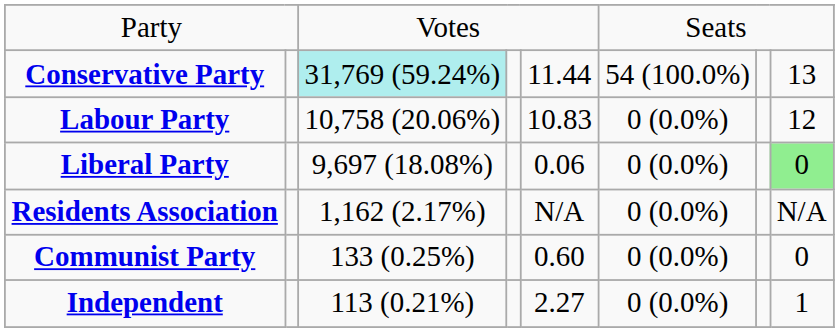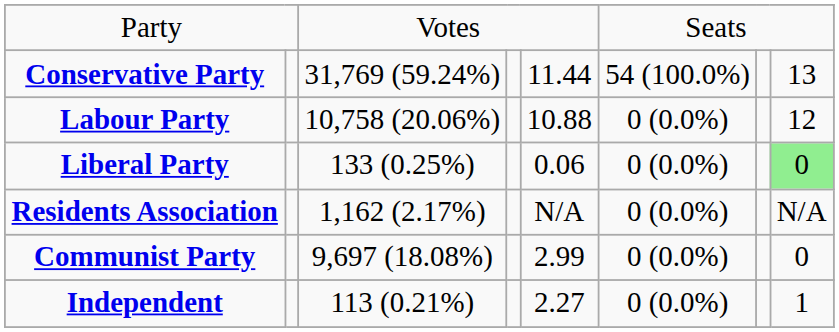 <table class=wikitable style="text-align:center;">
 <tr>
 <td colspan=2>Party</td>
 <td colspan=3>Votes</td>
 <td colspan=3>Seats</td>
 </tr>
 <tr>
 <td><strong><a href='#'>Conservative Party</a></strong></td>
 <td style="background:"></td>
-<td style="background: paleturquoise;">31,769 (59.24%)</td>
+<td>31,769 (59.24%)</td>
 <td></td>
 <td> 11.44</td>
 <td>54 (100.0%)</td>
 <td></td>
 <td> 13</td>
 </tr>
 <tr>
 <td><strong><a href='#'>Labour Party</a></strong></td>
 <td style="background:"></td>
 <td>10,758 (20.06%)</td>
 <td></td>
-<td> 10.83</td>
+<td> 10.88</td>
 <td>0 (0.0%)</td>
 <td></td>
 <td> 12</td>
 </tr>
 <tr>
 <td><strong><a href='#'>Liberal Party</a></strong></td>
 <td style="background:"></td>
-<td>9,697 (18.08%)</td>
+<td>133 (0.25%)</td>
 <td></td>
 <td> 0.06</td>
 <td>0  (0.0%)</td>
 <td></td>
 <td style="background: lightgreen;"> 0</td>
 </tr>
 <tr>
 <td><strong><a href='#'>Residents Association</a></strong></td>
 <td style="background:"></td>
 <td>1,162 (2.17%)</td>
 <td></td>
 <td>N/A</td>
 <td>0 (0.0%)</td>
 <td></td>
 <td>N/A</td>
 </tr>
 <tr>
 <td><strong><a href='#'>Communist Party</a></strong></td>
 <td style="background:"></td>
-<td>133 (0.25%)</td>
+<td>9,697 (18.08%)</td>
 <td></td>
-<td> 0.60</td>
+<td> 2.99</td>
 <td>0  (0.0%)</td>
 <td></td>
 <td> 0</td>
 </tr>
 <tr>
 <td><strong><a href='#'>Independent</a></strong></td>
 <td style="background:"></td>
 <td>113 (0.21%)</td>
 <td></td>
 <td> 2.27</td>
 <td>0  (0.0%)</td>
 <td></td>
 <td> 1</td>
 </tr>
 </table>
